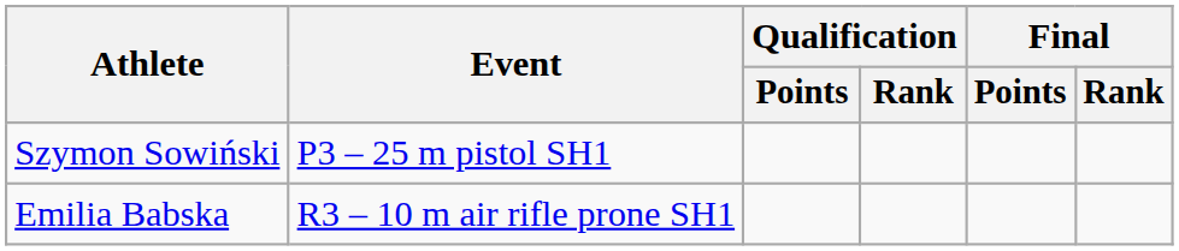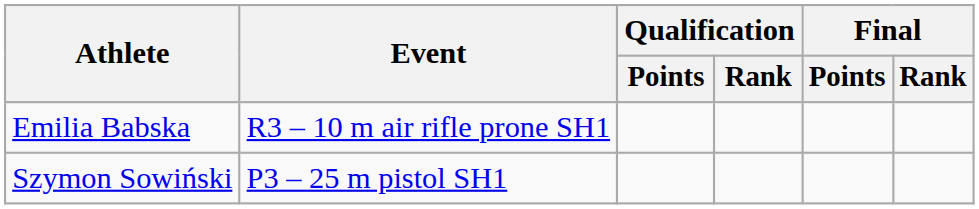 <table class="wikitable" style="font-size:90%">
 <tr>
 <th rowspan="2">Athlete</th>
 <th rowspan="2">Event</th>
 <th colspan="2">Qualification</th>
 <th colspan="2">Final</th>
 </tr>
 <tr style="font-size:95%">
 <th>Points</th>
 <th>Rank</th>
 <th>Points</th>
 <th>Rank</th>
 </tr>
 <tr align=center>
+<td align=left><a href='#'>Emilia Babska</a></td>
+<td align=left><a href='#'>R3 – 10 m air rifle prone SH1</a></td>
+<td></td>
+<td></td>
+<td></td>
+<td></td>
+</tr>
+<tr align=center>
 <td align=left><a href='#'>Szymon Sowiński</a></td>
 <td align=left><a href='#'>P3 – 25 m pistol SH1</a></td>
 <td></td>
 <td></td>
 <td></td>
 <td></td>
 </tr>
-<tr align=center>
-<td align=left><a href='#'>Emilia Babska</a></td>
-<td align=left><a href='#'>R3 – 10 m air rifle prone SH1</a></td>
-<td></td>
-<td></td>
-<td></td>
-<td></td>
-</tr>
 </table>
